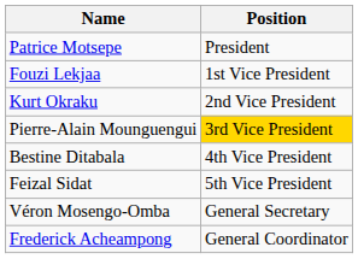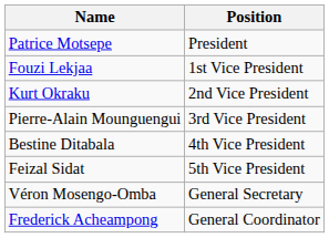 <table class="wikitable">
 <tr>
 <th>Name</th>
 <th>Position</th>
 </tr>
 <tr>
 <td> <a href='#'>Patrice Motsepe</a></td>
 <td>President</td>
 </tr>
 <tr>
 <td> <a href='#'>Fouzi Lekjaa</a></td>
 <td>1st Vice President</td>
 </tr>
 <tr>
 <td> <a href='#'>Kurt Okraku</a></td>
 <td>2nd Vice President</td>
 </tr>
 <tr>
 <td> Pierre-Alain Mounguengui</td>
-<td style="background: gold;">3rd Vice President</td>
+<td>3rd Vice President</td>
 </tr>
 <tr>
 <td> Bestine Ditabala</td>
 <td>4th Vice President</td>
 </tr>
 <tr>
 <td> Feizal Sidat</td>
 <td>5th Vice President</td>
 </tr>
 <tr>
 <td> Véron Mosengo-Omba</td>
 <td>General Secretary</td>
 </tr>
 <tr>
 <td> <a href='#'>Frederick Acheampong</a></td>
 <td>General Coordinator</td>
 </tr>
 </table>
